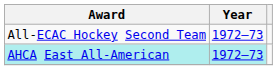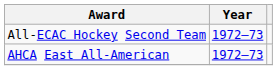 <table class="wikitable">
 <tr>
 <th>Award</th>
 <th>Year</th>
 <th></th>
 </tr>
 <tr>
 <td>All-<a href='#'>ECAC Hockey</a> <a href='#'>Second Team</a></td>
 <td><a href='#'>1972–73</a></td>
 <td></td>
 </tr>
 <tr>
-<td style="background: paleturquoise;"><a href='#'>AHCA</a> <a href='#'>East All-American</a></td>
-<td style="background: paleturquoise;"><a href='#'>1972–73</a></td>
+<td><a href='#'>AHCA</a> <a href='#'>East All-American</a></td>
+<td><a href='#'>1972–73</a></td>
 <td></td>
 </tr>
 <tr>
 </tr>
 </table>
